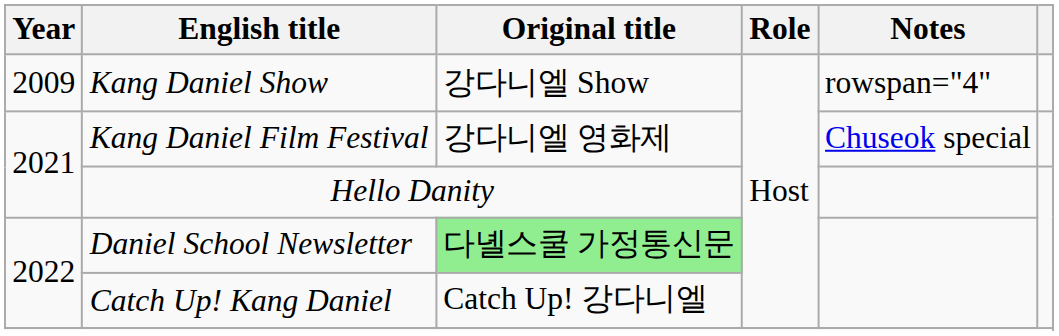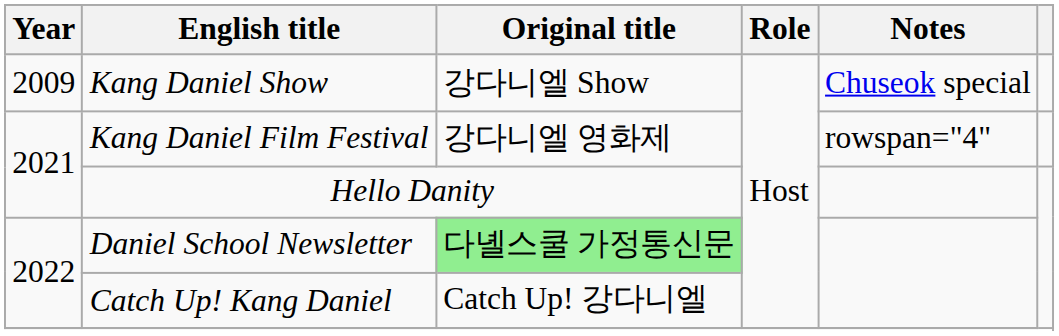 <table class="wikitable sortable">
 <tr>
 <th>Year</th>
 <th>English title</th>
 <th>Original title</th>
 <th>Role</th>
 <th>Notes</th>
 <th scope="col" class="unsortable"></th>
 </tr>
 <tr>
 <td>2009</td>
 <td><em>Kang Daniel Show</em></td>
 <td>강다니엘 Show</td>
 <td rowspan="5">Host</td>
-<td>rowspan="4" </td>
+<td><a href='#'>Chuseok</a> special</td>
 <td></td>
 </tr>
 <tr>
 <td rowspan="2">2021</td>
 <td><em>Kang Daniel Film Festival</em></td>
 <td>강다니엘 영화제</td>
-<td><a href='#'>Chuseok</a> special</td>
+<td>rowspan="4" </td>
 <td></td>
 </tr>
 <tr>
 <td style="text-align:center;" colspan="2"><em>Hello Danity</em></td>
 <td></td>
 </tr>
 <tr>
 <td rowspan="2">2022</td>
 <td><em>Daniel School Newsletter</em></td>
 <td style="background: lightgreen;">다녤스쿨 가정통신문</td>
 <td rowspan="2"></td>
 </tr>
 <tr>
 <td><em>Catch Up! Kang Daniel</em></td>
 <td>Catch Up! 강다니엘</td>
 </tr>
 <tr>
 </tr>
 </table>
